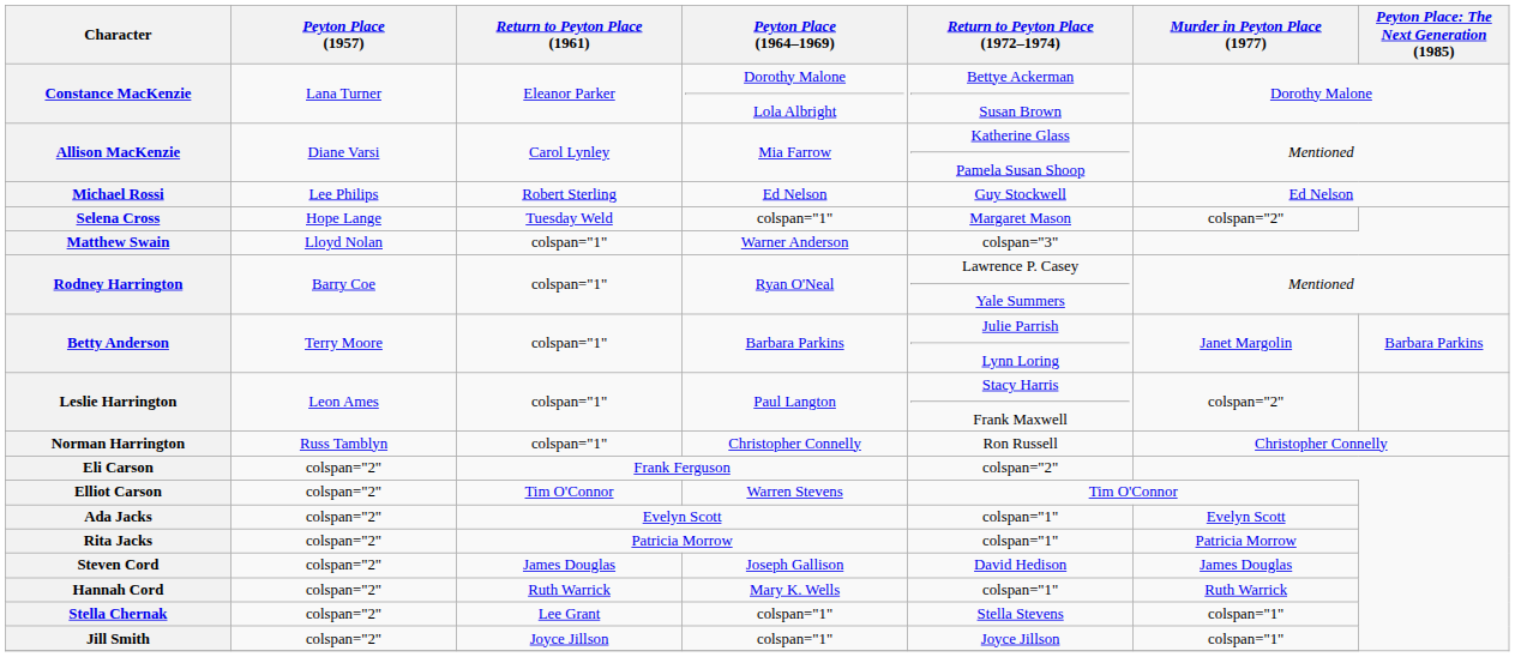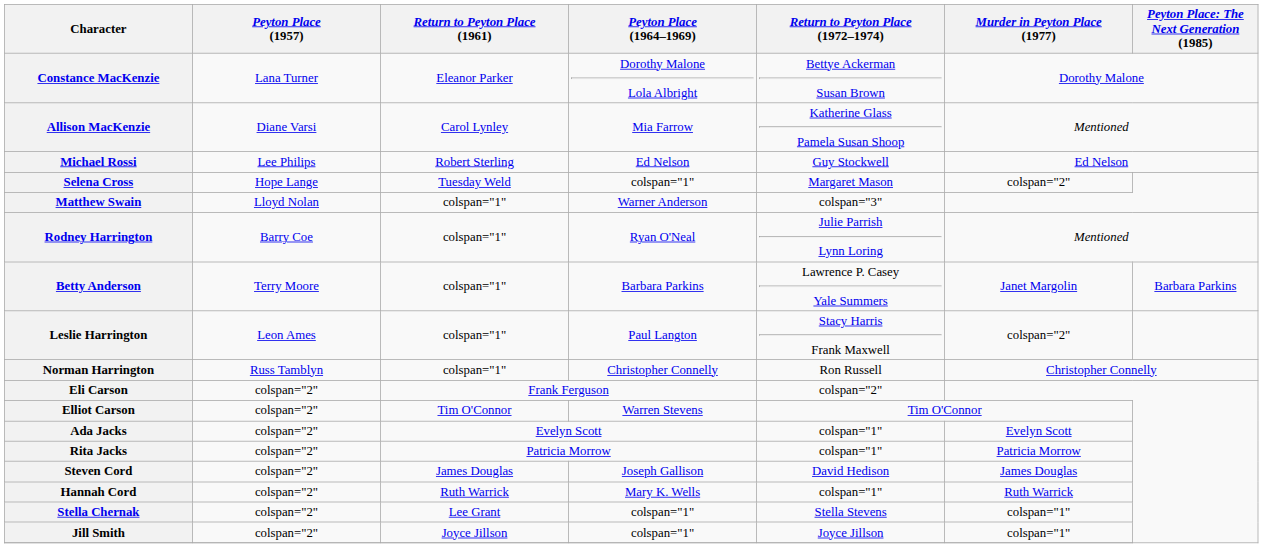 <table class="wikitable" style="text-align: center; width: 99%;">
 <tr>
 <th scope="col" style="width: 15%;">Character</th>
 <th scope="col" style="width: 15%;"><em><a href='#'>Peyton Place</a></em><br>(1957)</th>
 <th scope="col" style="width: 15%;"><em><a href='#'>Return to Peyton Place</a></em><br>(1961)</th>
 <th scope="col" style="width: 15%;"><em><a href='#'>Peyton Place</a></em><br>(1964–1969)</th>
 <th scope="col" style="width: 15%;"><em><a href='#'>Return to Peyton Place</a></em><br>(1972–1974)</th>
 <th scope="col" style="width: 15%;"><em><a href='#'>Murder in Peyton Place</a></em><br>(1977)</th>
 <th scope="col" style="width: 15%;"><em><a href='#'>Peyton Place: The Next Generation</a></em><br>(1985)</th>
 </tr>
 <tr>
 <th scope="row"><a href='#'>Constance MacKenzie</a></th>
 <td><a href='#'>Lana Turner</a></td>
 <td><a href='#'>Eleanor Parker</a></td>
 <td><a href='#'>Dorothy Malone</a><hr> <a href='#'>Lola Albright</a></td>
 <td><a href='#'>Bettye Ackerman</a><hr> <a href='#'>Susan Brown</a></td>
 <td colspan="2"><a href='#'>Dorothy Malone</a></td>
 </tr>
 <tr>
 <th scope="row"><a href='#'>Allison MacKenzie</a></th>
 <td><a href='#'>Diane Varsi</a></td>
 <td><a href='#'>Carol Lynley</a></td>
 <td><a href='#'>Mia Farrow</a></td>
 <td><a href='#'>Katherine Glass</a><hr> <a href='#'>Pamela Susan Shoop</a></td>
 <td colspan="2"><em>Mentioned</em></td>
 </tr>
 <tr>
 <th scope="row"><a href='#'>Michael Rossi</a></th>
 <td><a href='#'>Lee Philips</a></td>
 <td><a href='#'>Robert Sterling</a></td>
 <td><a href='#'>Ed Nelson</a></td>
 <td><a href='#'>Guy Stockwell</a></td>
 <td colspan="2"><a href='#'>Ed Nelson</a></td>
 </tr>
 <tr>
 <th scope="row"><a href='#'>Selena Cross</a></th>
 <td><a href='#'>Hope Lange</a></td>
 <td><a href='#'>Tuesday Weld</a></td>
 <td>colspan="1" </td>
 <td><a href='#'>Margaret Mason</a></td>
 <td>colspan="2" </td>
 </tr>
 <tr>
 <th scope="row"><a href='#'>Matthew Swain</a></th>
 <td><a href='#'>Lloyd Nolan</a></td>
 <td>colspan="1" </td>
 <td><a href='#'>Warner Anderson</a></td>
 <td>colspan="3" </td>
 </tr>
 <tr>
 <th scope="row"><a href='#'>Rodney Harrington</a></th>
 <td><a href='#'>Barry Coe</a></td>
 <td>colspan="1" </td>
 <td><a href='#'>Ryan O'Neal</a></td>
-<td>Lawrence P. Casey<hr> <a href='#'>Yale Summers</a></td>
+<td><a href='#'>Julie Parrish</a><hr> <a href='#'>Lynn Loring</a></td>
 <td colspan="2"><em>Mentioned</em></td>
 </tr>
 <tr>
 <th scope="row"><a href='#'>Betty Anderson</a></th>
 <td><a href='#'>Terry Moore</a></td>
 <td>colspan="1" </td>
 <td><a href='#'>Barbara Parkins</a></td>
-<td><a href='#'>Julie Parrish</a><hr> <a href='#'>Lynn Loring</a></td>
+<td>Lawrence P. Casey<hr> <a href='#'>Yale Summers</a></td>
 <td><a href='#'>Janet Margolin</a></td>
 <td><a href='#'>Barbara Parkins</a></td>
 </tr>
 <tr>
 <th scope="row">Leslie Harrington</th>
 <td><a href='#'>Leon Ames</a></td>
 <td>colspan="1" </td>
 <td><a href='#'>Paul Langton</a></td>
 <td><a href='#'>Stacy Harris</a><hr>  Frank Maxwell</td>
 <td>colspan="2" </td>
 </tr>
 <tr>
 <th scope="row">Norman Harrington</th>
 <td><a href='#'>Russ Tamblyn</a></td>
 <td>colspan="1" </td>
 <td><a href='#'>Christopher Connelly</a></td>
 <td>Ron Russell</td>
 <td colspan="2"><a href='#'>Christopher Connelly</a></td>
 </tr>
 <tr>
 <th scope="row">Eli Carson</th>
 <td>colspan="2" </td>
 <td colspan="2"><a href='#'>Frank Ferguson</a></td>
 <td>colspan="2" </td>
 </tr>
 <tr>
 <th scope="row">Elliot Carson</th>
 <td>colspan="2" </td>
 <td><a href='#'>Tim O'Connor</a></td>
 <td><a href='#'>Warren Stevens</a></td>
 <td colspan="2"><a href='#'>Tim O'Connor</a></td>
 </tr>
 <tr>
 <th scope="row">Ada Jacks</th>
 <td>colspan="2" </td>
 <td colspan="2"><a href='#'>Evelyn Scott</a></td>
 <td>colspan="1" </td>
 <td><a href='#'>Evelyn Scott</a></td>
 </tr>
 <tr>
 <th scope="row">Rita Jacks</th>
 <td>colspan="2" </td>
 <td colspan="2"><a href='#'>Patricia Morrow</a></td>
 <td>colspan="1" </td>
 <td><a href='#'>Patricia Morrow</a></td>
 </tr>
 <tr>
 <th scope="row">Steven Cord</th>
 <td>colspan="2" </td>
 <td><a href='#'>James Douglas</a></td>
 <td><a href='#'>Joseph Gallison</a></td>
 <td><a href='#'>David Hedison</a></td>
 <td><a href='#'>James Douglas</a></td>
 </tr>
 <tr>
 <th scope="row">Hannah Cord</th>
 <td>colspan="2" </td>
 <td><a href='#'>Ruth Warrick</a></td>
 <td><a href='#'>Mary K. Wells</a></td>
 <td>colspan="1" </td>
 <td><a href='#'>Ruth Warrick</a></td>
 </tr>
 <tr>
 <th scope="row"><a href='#'>Stella Chernak</a></th>
 <td>colspan="2" </td>
 <td><a href='#'>Lee Grant</a></td>
 <td>colspan="1" </td>
 <td><a href='#'>Stella Stevens</a></td>
 <td>colspan="1" </td>
 </tr>
 <tr>
 <th scope="row">Jill Smith</th>
 <td>colspan="2" </td>
 <td><a href='#'>Joyce Jillson</a></td>
 <td>colspan="1" </td>
 <td><a href='#'>Joyce Jillson</a></td>
 <td>colspan="1" </td>
 </tr>
 <tr>
 </tr>
 </table>
